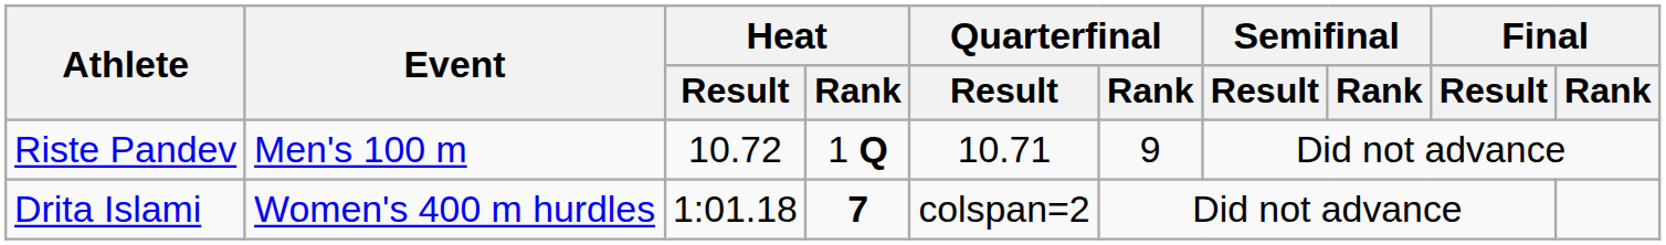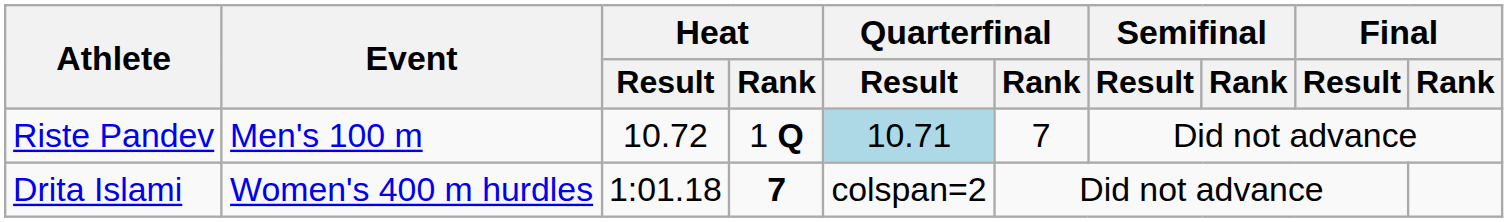 <table class="wikitable" style="font-size:90%">
 <tr>
 <th rowspan="2">Athlete</th>
 <th rowspan="2">Event</th>
 <th colspan="2">Heat</th>
 <th colspan="2">Quarterfinal</th>
 <th colspan="2">Semifinal</th>
 <th colspan="2">Final</th>
 </tr>
 <tr style="font-size:95%">
 <th>Result</th>
 <th>Rank</th>
 <th>Result</th>
 <th>Rank</th>
 <th>Result</th>
 <th>Rank</th>
 <th>Result</th>
 <th>Rank</th>
 </tr>
 <tr align=center>
 <td align=left><a href='#'>Riste Pandev</a></td>
 <td align=left><a href='#'>Men's 100 m</a></td>
 <td>10.72</td>
 <td>1 <strong>Q</strong></td>
-<td>10.71</td>
-<td>9</td>
+<td style="background: lightblue;">10.71</td>
+<td>7</td>
 <td colspan=4>Did not advance</td>
 </tr>
 <tr align=center>
 <td align=left><a href='#'>Drita Islami</a></td>
 <td align=left><a href='#'>Women's 400 m hurdles</a></td>
 <td>1:01.18</td>
 <td><strong>7</strong></td>
 <td>colspan=2 </td>
 <td colspan=4>Did not advance</td>
 </tr>
 </table>
